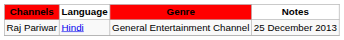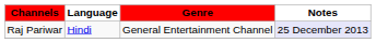 <table Class ="wikitable">
 <tr>
 <th style ="background:Red;">Channels</th>
 <th style ="background: white;">Language</th>
 <th style ="background: Red;">Genre</th>
 <th style ="background: white;">Notes</th>
 </tr>
 <tr>
 <td>Raj Pariwar</td>
 <td><a href='#'>Hindi</a></td>
 <td>General Entertainment Channel</td>
-<td>25 December 2013</td>
+<td style="background: lavender;">25 December 2013</td>
 </tr>
 <tr>
 </tr>
 </table>
